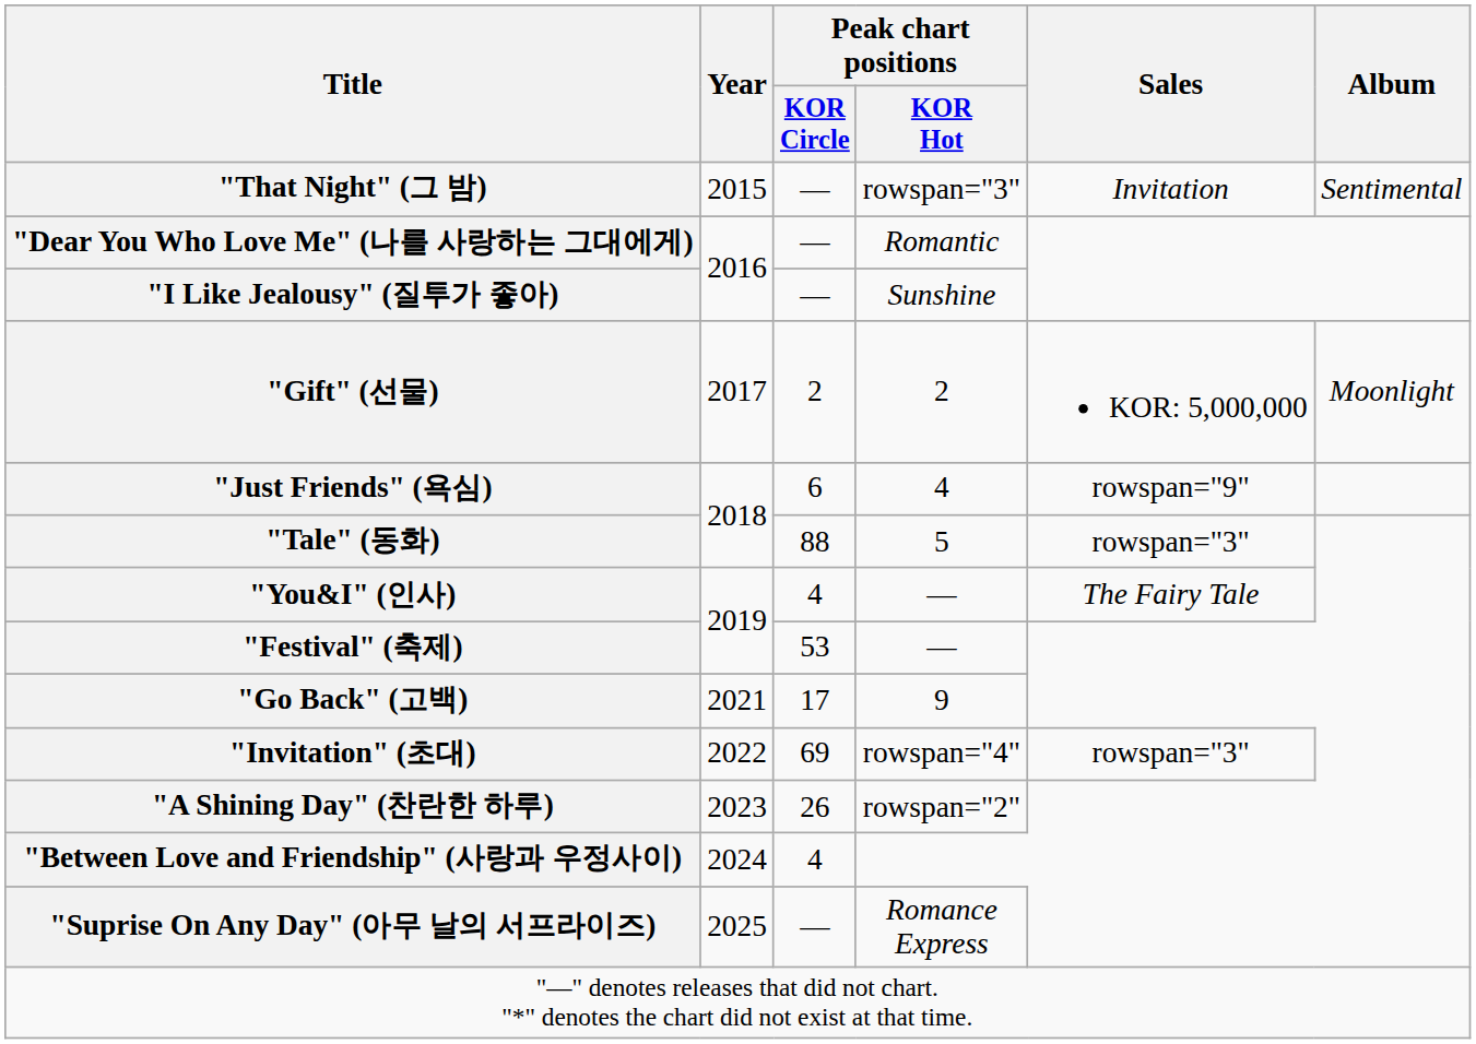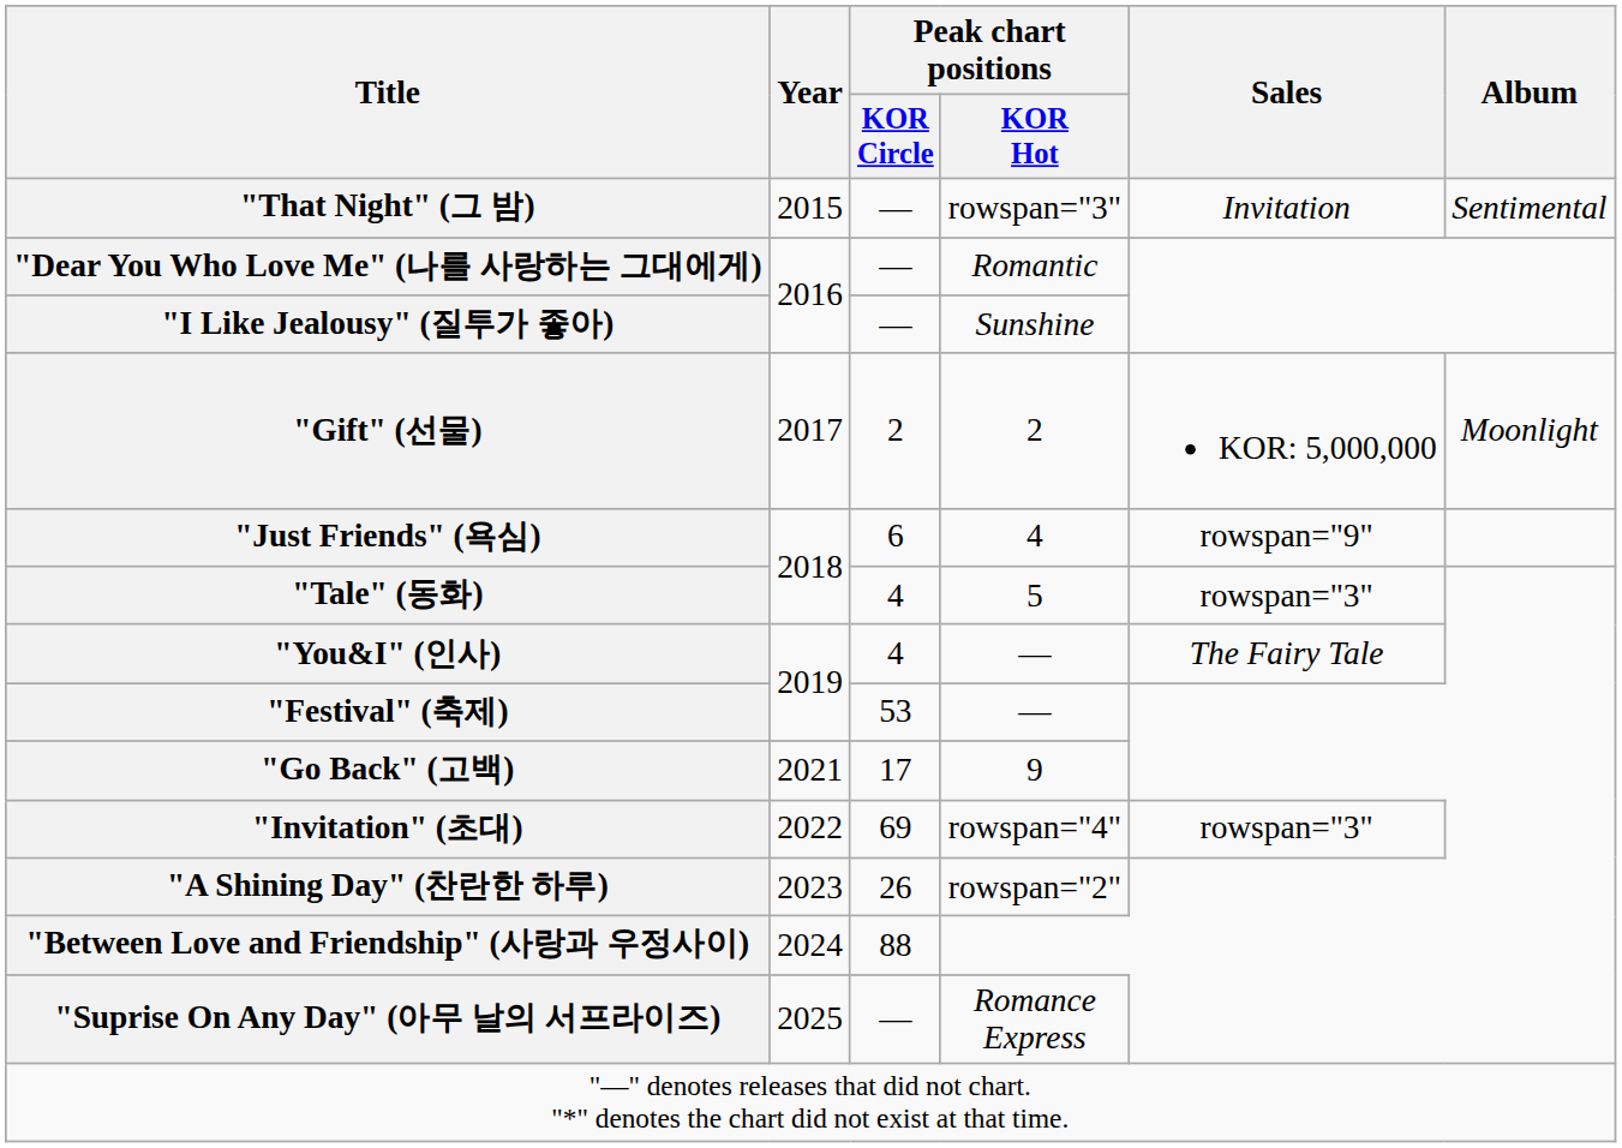 <table class="wikitable plainrowheaders" style="text-align:center;">
 <tr>
 <th scope="col" rowspan="2">Title</th>
 <th scope="col" rowspan="2">Year</th>
 <th scope="col" colspan="2">Peak chart positions</th>
 <th scope="col" rowspan="2">Sales<br></th>
 <th scope="col" rowspan="2">Album</th>
 </tr>
 <tr>
 <th scope="col" style="width:2.5em;font-size:90%"><a href='#'>KOR<br>Circle</a><br></th>
 <th scope="col" style="width:2.5em;font-size:90%;"><a href='#'>KOR<br>Hot</a><br></th>
 </tr>
 <tr>
 <th scope="row">"That Night" (그 밤)</th>
 <td>2015</td>
 <td>—</td>
 <td>rowspan="3" </td>
 <td><em>Invitation</em></td>
 <td><em>Sentimental</em></td>
 </tr>
 <tr>
 <th scope="row">"Dear You Who Love Me" (나를 사랑하는 그대에게)</th>
 <td rowspan="2">2016</td>
 <td>—</td>
 <td><em>Romantic</em></td>
 </tr>
 <tr>
 <th scope="row">"I Like Jealousy" (질투가 좋아)</th>
 <td>—</td>
 <td><em>Sunshine</em></td>
 </tr>
 <tr>
 <th scope="row">"Gift" (선물)</th>
 <td>2017</td>
 <td>2</td>
 <td>2</td>
 <td><br><ul><li>KOR: 5,000,000</li></ul></td>
 <td><em>Moonlight</em></td>
 </tr>
 <tr>
 <th scope="row">"Just Friends" (욕심)</th>
 <td rowspan="2">2018</td>
 <td>6</td>
 <td>4</td>
 <td>rowspan="9" </td>
 <td></td>
 </tr>
 <tr>
 <th scope="row">"Tale" (동화)</th>
-<td>88</td>
+<td>4</td>
 <td>5</td>
 <td>rowspan="3" </td>
 </tr>
 <tr>
 <th scope="row">"You&I" (인사)</th>
 <td rowspan="2">2019</td>
 <td>4</td>
 <td>—</td>
 <td><em>The Fairy Tale</em></td>
 </tr>
 <tr>
 <th scope="row">"Festival" (축제)</th>
 <td>53</td>
 <td>—</td>
 </tr>
 <tr>
 <th scope="row">"Go Back" (고백)</th>
 <td>2021</td>
 <td>17</td>
 <td>9</td>
 </tr>
 <tr>
 <th scope="row">"Invitation" (초대)</th>
 <td>2022</td>
 <td>69</td>
 <td>rowspan="4" </td>
 <td>rowspan="3" </td>
 </tr>
 <tr>
 <th scope="row">"A Shining Day" (찬란한 하루)</th>
 <td>2023</td>
 <td>26</td>
 <td>rowspan="2" </td>
 </tr>
 <tr>
 <th scope="row">"Between Love and Friendship" (사랑과 우정사이)</th>
 <td>2024</td>
-<td>4</td>
+<td>88</td>
 </tr>
 <tr>
 <th scope="row">"Suprise On Any Day" (아무 날의 서프라이즈)</th>
 <td>2025</td>
 <td>—</td>
 <td><em>Romance Express</em></td>
 </tr>
 <tr>
 <td colspan="6" style="font-size:85%">"—" denotes releases that did not chart.<br> "*" denotes the chart did not exist at that time.</td>
 </tr>
 </table>
